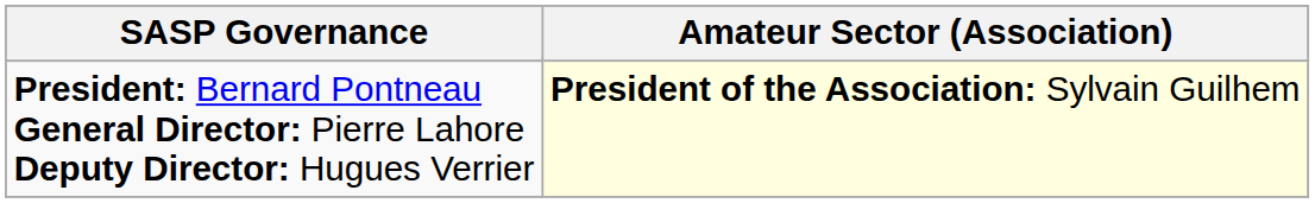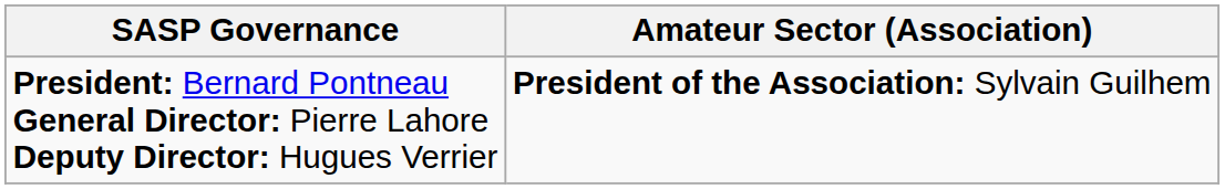 <table class="wikitable">
 <tr>
 <th>SASP Governance</th>
 <th>Amateur Sector (Association)</th>
 </tr>
 <tr>
 <td valign="top"><strong>President:</strong> <a href='#'>Bernard Pontneau</a><br><strong>General Director:</strong> Pierre Lahore<br><strong>Deputy Director:</strong> Hugues Verrier</td>
-<td valign="top" style="background: lightyellow;"><strong>President of the Association:</strong> Sylvain Guilhem</td>
+<td valign="top"><strong>President of the Association:</strong> Sylvain Guilhem</td>
 </tr>
 </table>
